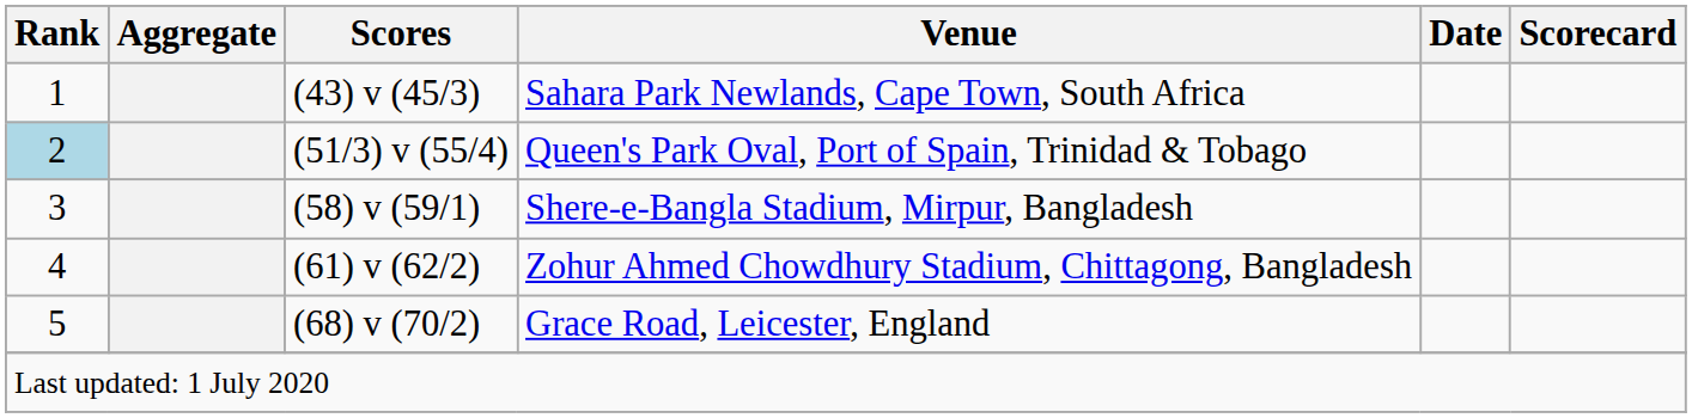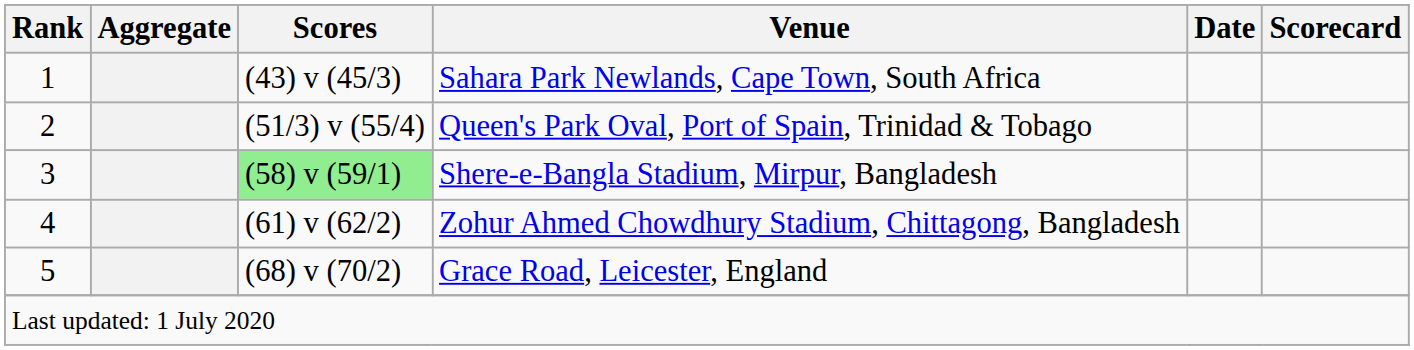 <table class="wikitable plainrowheaders sortable">
 <tr>
 <th scope=col>Rank</th>
 <th scope=col>Aggregate</th>
 <th scope=col>Scores</th>
 <th scope=col>Venue</th>
 <th scope=col>Date</th>
 <th scope=col>Scorecard</th>
 </tr>
 <tr>
 <td align=center>1</td>
 <th scope=row style=text-align:center;></th>
 <td> (43) v  (45/3)</td>
 <td><a href='#'>Sahara Park Newlands</a>, <a href='#'>Cape Town</a>, South Africa</td>
 <td></td>
 <td></td>
 </tr>
 <tr>
-<td align=center style="background: lightblue;">2</td>
+<td align=center>2</td>
 <th scope=row style=text-align:center;></th>
 <td> (51/3) v  (55/4)</td>
 <td><a href='#'>Queen's Park Oval</a>, <a href='#'>Port of Spain</a>, Trinidad & Tobago</td>
 <td></td>
 <td></td>
 </tr>
 <tr>
 <td align=center>3</td>
 <th scope=row style=text-align:center;></th>
-<td> (58) v  (59/1)</td>
+<td style="background: lightgreen;"> (58) v  (59/1)</td>
 <td><a href='#'>Shere-e-Bangla Stadium</a>, <a href='#'>Mirpur</a>, Bangladesh</td>
 <td> </td>
 <td></td>
 </tr>
 <tr>
 <td align=center>4</td>
 <th scope=row style=text-align:center;></th>
 <td> (61) v  (62/2)</td>
 <td><a href='#'>Zohur Ahmed Chowdhury Stadium</a>, <a href='#'>Chittagong</a>, Bangladesh</td>
 <td></td>
 <td></td>
 </tr>
 <tr>
 <td align=center>5</td>
 <th scope=row style=text-align:center;></th>
 <td> (68) v  (70/2)</td>
 <td><a href='#'>Grace Road</a>, <a href='#'>Leicester</a>, England</td>
 <td> </td>
 <td></td>
 </tr>
 <tr>
 </tr>
 <tr class=sortbottom>
 <td colspan=6><small>Last updated: 1 July 2020</small></td>
 </tr>
 </table>
